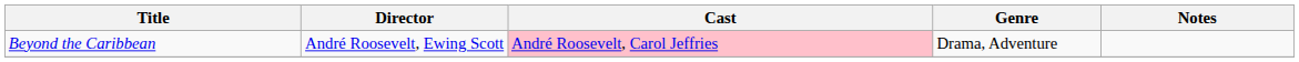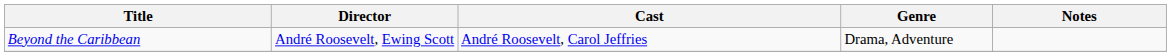 <table class="wikitable" style="width:100%;">
 <tr>
 <th style="width:23%;">Title</th>
 <th style="width:16%;">Director</th>
 <th style="width:33%;">Cast</th>
 <th style="width:13%;">Genre</th>
 <th style="width:15%;">Notes</th>
 </tr>
 <tr>
 <td><em><a href='#'>Beyond the Caribbean</a></em></td>
 <td><a href='#'>André Roosevelt</a>, <a href='#'>Ewing Scott</a></td>
-<td style="background: pink;"><a href='#'>André Roosevelt</a>, <a href='#'>Carol Jeffries</a></td>
+<td><a href='#'>André Roosevelt</a>, <a href='#'>Carol Jeffries</a></td>
 <td>Drama, Adventure</td>
 <td></td>
 </tr>
 <tr>
 </tr>
 </table>
